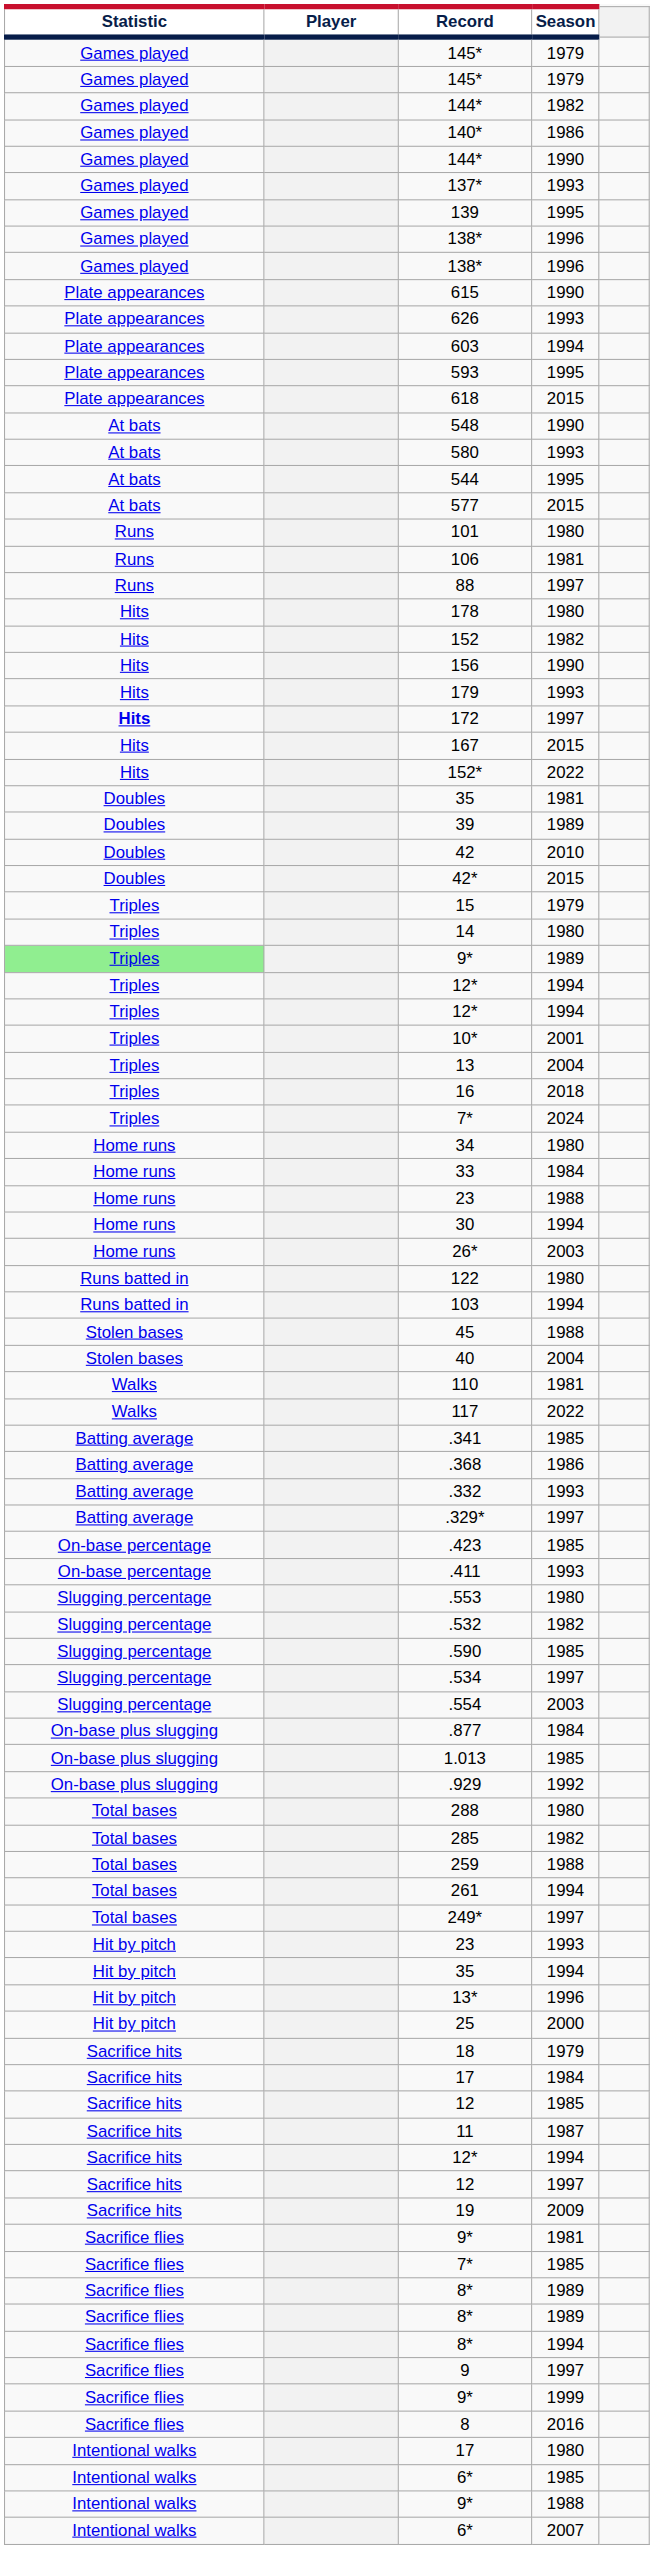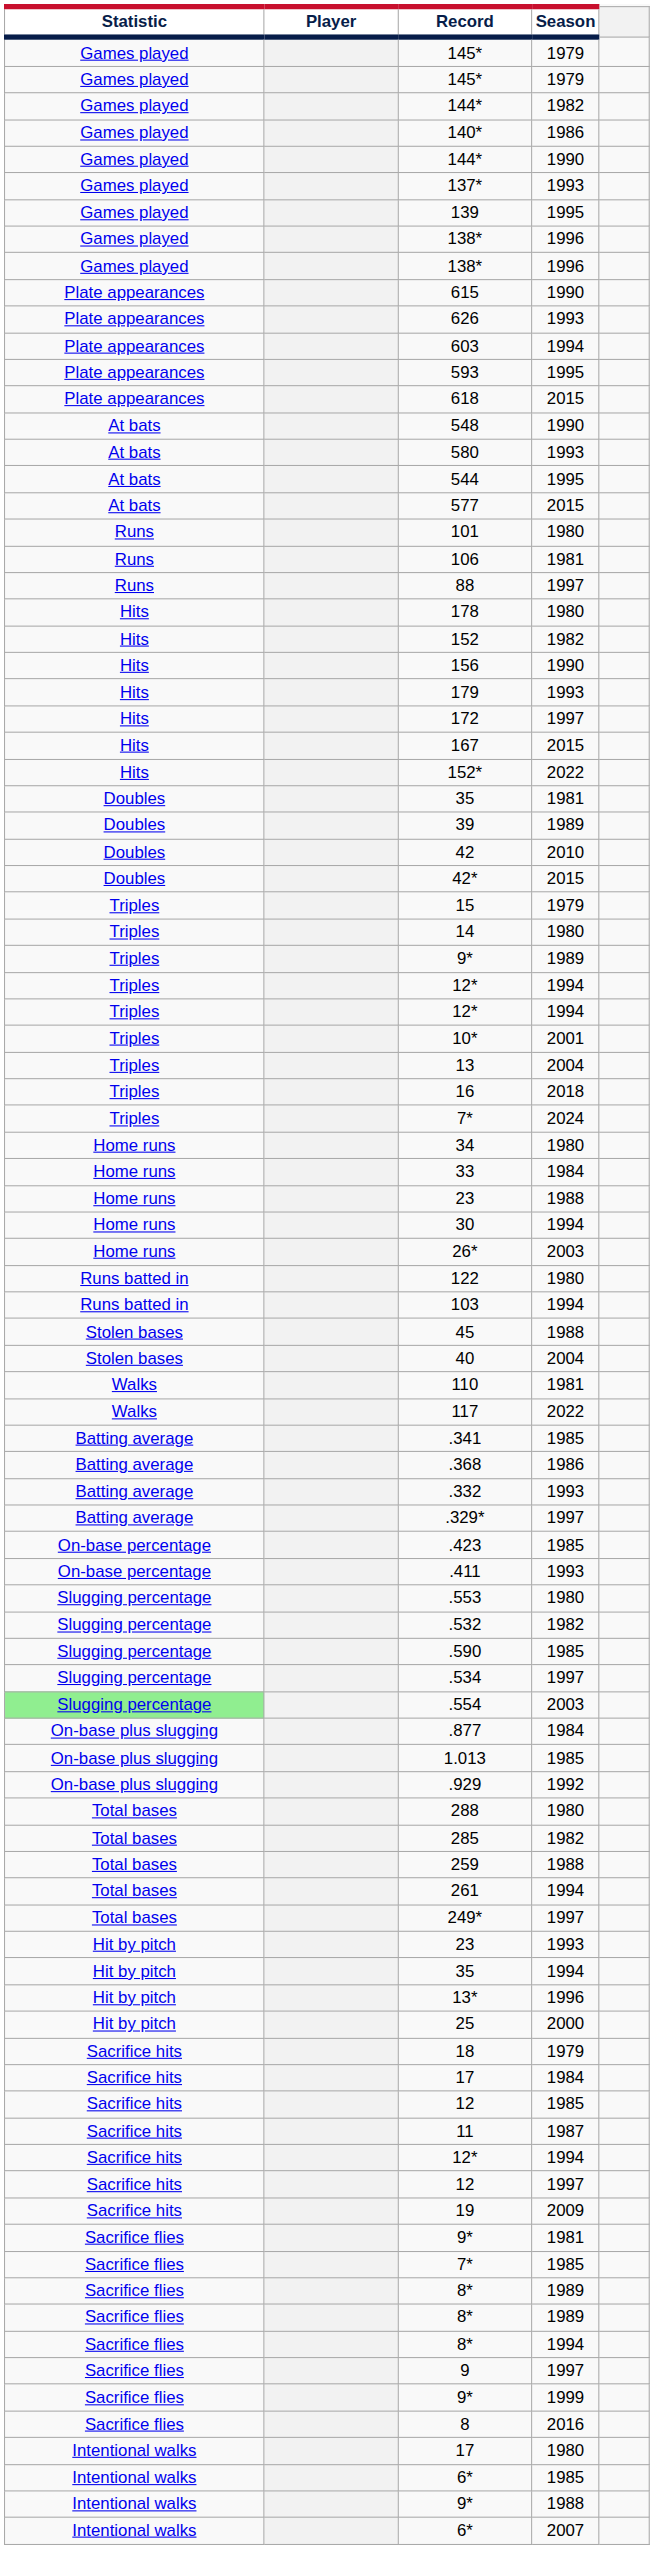 <table class="wikitable sortable plainrowheaders" style="text-align:center">
 <tr>
 <th width="240px" scope="col" style="background-color:#ffffff; border-top:#c8102e 5px solid; border-bottom:#071d49 5px solid; color:#071d49">Statistic</th>
 <th width="120px" scope="col" style="background-color:#ffffff; border-top:#c8102e 5px solid; border-bottom:#071d49 5px solid; color:#071d49">Player</th>
 <th width="120px" class="unsortable" scope="col" style="background-color:#ffffff; border-top:#c8102e 5px solid; border-bottom:#071d49 5px solid; color:#071d49">Record</th>
 <th scope="col" style="background-color:#ffffff; border-top:#c8102e 5px solid; border-bottom:#071d49 5px solid; color:#071d49">Season</th>
 <th style="width:40px" class="unsortable" scope="col" style="background-color:#ffffff; border-top:#c8102e 5px solid; border-bottom:#071d49 5px solid; color:#071d49"></th>
 </tr>
 <tr>
 <td><a href='#'>Games played</a></td>
 <th scope="row" style="text-align:center"></th>
 <td>145*</td>
 <td>1979</td>
 <td></td>
 </tr>
 <tr>
 <td><a href='#'>Games played</a></td>
 <th scope="row" style="text-align:center"></th>
 <td>145*</td>
 <td>1979</td>
 <td></td>
 </tr>
 <tr>
 <td><a href='#'>Games played</a></td>
 <th scope="row" style="text-align:center"></th>
 <td>144*</td>
 <td>1982</td>
 <td></td>
 </tr>
 <tr>
 <td><a href='#'>Games played</a></td>
 <th scope="row" style="text-align:center"></th>
 <td>140*</td>
 <td>1986</td>
 <td></td>
 </tr>
 <tr>
 <td><a href='#'>Games played</a></td>
 <th scope="row" style="text-align:center"></th>
 <td>144*</td>
 <td>1990</td>
 <td></td>
 </tr>
 <tr>
 <td><a href='#'>Games played</a></td>
 <th scope="row" style="text-align:center"></th>
 <td>137*</td>
 <td>1993</td>
 <td></td>
 </tr>
 <tr>
 <td><a href='#'>Games played</a></td>
 <th scope="row" style="text-align:center"></th>
 <td>139</td>
 <td>1995</td>
 <td></td>
 </tr>
 <tr>
 <td><a href='#'>Games played</a></td>
 <th scope="row" style="text-align:center"></th>
 <td>138*</td>
 <td>1996</td>
 <td></td>
 </tr>
 <tr>
 <td><a href='#'>Games played</a></td>
 <th scope="row" style="text-align:center"></th>
 <td>138*</td>
 <td>1996</td>
 <td></td>
 </tr>
 <tr>
 <td><a href='#'>Plate appearances</a></td>
 <th scope="row" style="text-align:center"></th>
 <td>615</td>
 <td>1990</td>
 <td></td>
 </tr>
 <tr>
 <td><a href='#'>Plate appearances</a></td>
 <th scope="row" style="text-align:center"></th>
 <td>626</td>
 <td>1993</td>
 <td></td>
 </tr>
 <tr>
 <td><a href='#'>Plate appearances</a></td>
 <th scope="row" style="text-align:center"></th>
 <td>603</td>
 <td>1994</td>
 <td></td>
 </tr>
 <tr>
 <td><a href='#'>Plate appearances</a></td>
 <th scope="row" style="text-align:center"></th>
 <td>593</td>
 <td>1995</td>
 <td></td>
 </tr>
 <tr>
 <td><a href='#'>Plate appearances</a></td>
 <th scope="row" style="text-align:center"></th>
 <td>618</td>
 <td>2015</td>
 <td></td>
 </tr>
 <tr>
 <td><a href='#'>At bats</a></td>
 <th scope="row" style="text-align:center"></th>
 <td>548</td>
 <td>1990</td>
 <td></td>
 </tr>
 <tr>
 <td><a href='#'>At bats</a></td>
 <th scope="row" style="text-align:center"></th>
 <td>580</td>
 <td>1993</td>
 <td></td>
 </tr>
 <tr>
 <td><a href='#'>At bats</a></td>
 <th scope="row" style="text-align:center"></th>
 <td>544</td>
 <td>1995</td>
 <td></td>
 </tr>
 <tr>
 <td><a href='#'>At bats</a></td>
 <th scope="row" style="text-align:center"></th>
 <td>577</td>
 <td>2015</td>
 <td></td>
 </tr>
 <tr>
 <td><a href='#'>Runs</a></td>
 <th scope="row" style="text-align:center"></th>
 <td>101</td>
 <td>1980</td>
 <td></td>
 </tr>
 <tr>
 <td><a href='#'>Runs</a></td>
 <th scope="row" style="text-align:center"></th>
 <td>106</td>
 <td>1981</td>
 <td></td>
 </tr>
 <tr>
 <td><a href='#'>Runs</a></td>
 <th scope="row" style="text-align:center"></th>
 <td>88</td>
 <td>1997</td>
 <td></td>
 </tr>
 <tr>
 <td><a href='#'>Hits</a></td>
 <th scope="row" style="text-align:center"></th>
 <td>178</td>
 <td>1980</td>
 <td></td>
 </tr>
 <tr>
 <td><a href='#'>Hits</a></td>
 <th scope="row" style="text-align:center"></th>
 <td>152</td>
 <td>1982</td>
 <td></td>
 </tr>
 <tr>
 <td><a href='#'>Hits</a></td>
 <th scope="row" style="text-align:center"></th>
 <td>156</td>
 <td>1990</td>
 <td></td>
 </tr>
 <tr>
 <td><a href='#'>Hits</a></td>
 <th scope="row" style="text-align:center"></th>
 <td>179</td>
 <td>1993</td>
 <td></td>
 </tr>
 <tr>
-<td><strong><a href='#'>Hits</a></strong></td>
+<td><a href='#'>Hits</a></td>
 <th scope="row" style="text-align:center"></th>
 <td>172</td>
 <td>1997</td>
 <td></td>
 </tr>
 <tr>
 <td><a href='#'>Hits</a></td>
 <th scope="row" style="text-align:center"></th>
 <td>167</td>
 <td>2015</td>
 <td></td>
 </tr>
 <tr>
 <td><a href='#'>Hits</a></td>
 <th scope="row" style="text-align:center"></th>
 <td>152*</td>
 <td>2022</td>
 <td></td>
 </tr>
 <tr>
 <td><a href='#'>Doubles</a></td>
 <th scope="row" style="text-align:center"></th>
 <td>35</td>
 <td>1981</td>
 <td></td>
 </tr>
 <tr>
 <td><a href='#'>Doubles</a></td>
 <th scope="row" style="text-align:center"></th>
 <td>39</td>
 <td>1989</td>
 <td></td>
 </tr>
 <tr>
 <td><a href='#'>Doubles</a></td>
 <th scope="row" style="text-align:center"></th>
 <td>42</td>
 <td>2010</td>
 <td></td>
 </tr>
 <tr>
 <td><a href='#'>Doubles</a></td>
 <th scope="row" style="text-align:center"></th>
 <td>42*</td>
 <td>2015</td>
 <td></td>
 </tr>
 <tr>
 <td><a href='#'>Triples</a></td>
 <th scope="row" style="text-align:center"></th>
 <td>15</td>
 <td>1979</td>
 <td></td>
 </tr>
 <tr>
 <td><a href='#'>Triples</a></td>
 <th scope="row" style="text-align:center"></th>
 <td>14</td>
 <td>1980</td>
 <td></td>
 </tr>
 <tr>
-<td style="background: lightgreen;"><a href='#'>Triples</a></td>
+<td><a href='#'>Triples</a></td>
 <th scope="row" style="text-align:center"></th>
 <td>9*</td>
 <td>1989</td>
 <td></td>
 </tr>
 <tr>
 <td><a href='#'>Triples</a></td>
 <th scope="row" style="text-align:center"></th>
 <td>12*</td>
 <td>1994</td>
 <td></td>
 </tr>
 <tr>
 <td><a href='#'>Triples</a></td>
 <th scope="row" style="text-align:center"></th>
 <td>12*</td>
 <td>1994</td>
 <td></td>
 </tr>
 <tr>
 <td><a href='#'>Triples</a></td>
 <th scope="row" style="text-align:center"></th>
 <td>10*</td>
 <td>2001</td>
 <td></td>
 </tr>
 <tr>
 <td><a href='#'>Triples</a></td>
 <th scope="row" style="text-align:center"></th>
 <td>13</td>
 <td>2004</td>
 <td></td>
 </tr>
 <tr>
 <td><a href='#'>Triples</a></td>
 <th scope="row" style="text-align:center"></th>
 <td>16</td>
 <td>2018</td>
 <td></td>
 </tr>
 <tr>
 <td><a href='#'>Triples</a></td>
 <th scope="row" style="text-align:center"></th>
 <td>7*</td>
 <td>2024</td>
 <td></td>
 </tr>
 <tr>
 <td><a href='#'>Home runs</a></td>
 <th scope="row" style="text-align:center"></th>
 <td>34</td>
 <td>1980</td>
 <td></td>
 </tr>
 <tr>
 <td><a href='#'>Home runs</a></td>
 <th scope="row" style="text-align:center"></th>
 <td>33</td>
 <td>1984</td>
 <td></td>
 </tr>
 <tr>
 <td><a href='#'>Home runs</a></td>
 <th scope="row" style="text-align:center"></th>
 <td>23</td>
 <td>1988</td>
 <td></td>
 </tr>
 <tr>
 <td><a href='#'>Home runs</a></td>
 <th scope="row" style="text-align:center"></th>
 <td>30</td>
 <td>1994</td>
 <td></td>
 </tr>
 <tr>
 <td><a href='#'>Home runs</a></td>
 <th scope="row" style="text-align:center"></th>
 <td>26*</td>
 <td>2003</td>
 <td></td>
 </tr>
 <tr>
 <td><a href='#'>Runs batted in</a></td>
 <th scope="row" style="text-align:center"></th>
 <td>122</td>
 <td>1980</td>
 <td></td>
 </tr>
 <tr>
 <td><a href='#'>Runs batted in</a></td>
 <th scope="row" style="text-align:center"></th>
 <td>103</td>
 <td>1994</td>
 <td></td>
 </tr>
 <tr>
 <td><a href='#'>Stolen bases</a></td>
 <th scope="row" style="text-align:center"></th>
 <td>45</td>
 <td>1988</td>
 <td></td>
 </tr>
 <tr>
 <td><a href='#'>Stolen bases</a></td>
 <th scope="row" style="text-align:center"></th>
 <td>40</td>
 <td>2004</td>
 <td></td>
 </tr>
 <tr>
 <td><a href='#'>Walks</a></td>
 <th scope="row" style="text-align:center"></th>
 <td>110</td>
 <td>1981</td>
 <td></td>
 </tr>
 <tr>
 <td><a href='#'>Walks</a></td>
 <th scope="row" style="text-align:center"></th>
 <td>117</td>
 <td>2022</td>
 <td></td>
 </tr>
 <tr>
 <td><a href='#'>Batting average</a></td>
 <th scope="row" style="text-align:center"></th>
 <td>.341</td>
 <td>1985</td>
 <td></td>
 </tr>
 <tr>
 <td><a href='#'>Batting average</a></td>
 <th scope="row" style="text-align:center"></th>
 <td>.368</td>
 <td>1986</td>
 <td></td>
 </tr>
 <tr>
 <td><a href='#'>Batting average</a></td>
 <th scope="row" style="text-align:center"></th>
 <td>.332</td>
 <td>1993</td>
 <td></td>
 </tr>
 <tr>
 <td><a href='#'>Batting average</a></td>
 <th scope="row" style="text-align:center"></th>
 <td>.329*</td>
 <td>1997</td>
 <td></td>
 </tr>
 <tr>
 <td><a href='#'>On-base percentage</a></td>
 <th scope="row" style="text-align:center"></th>
 <td>.423</td>
 <td>1985</td>
 <td></td>
 </tr>
 <tr>
 <td><a href='#'>On-base percentage</a></td>
 <th scope="row" style="text-align:center"></th>
 <td>.411</td>
 <td>1993</td>
 <td></td>
 </tr>
 <tr>
 <td><a href='#'>Slugging percentage</a></td>
 <th scope="row" style="text-align:center"></th>
 <td>.553</td>
 <td>1980</td>
 <td></td>
 </tr>
 <tr>
 <td><a href='#'>Slugging percentage</a></td>
 <th scope="row" style="text-align:center"></th>
 <td>.532</td>
 <td>1982</td>
 <td></td>
 </tr>
 <tr>
 <td><a href='#'>Slugging percentage</a></td>
 <th scope="row" style="text-align:center"></th>
 <td>.590</td>
 <td>1985</td>
 <td></td>
 </tr>
 <tr>
 <td><a href='#'>Slugging percentage</a></td>
 <th scope="row" style="text-align:center"></th>
 <td>.534</td>
 <td>1997</td>
 <td></td>
 </tr>
 <tr>
-<td><a href='#'>Slugging percentage</a></td>
+<td style="background: lightgreen;"><a href='#'>Slugging percentage</a></td>
 <th scope="row" style="text-align:center"></th>
 <td>.554</td>
 <td>2003</td>
 <td></td>
 </tr>
 <tr>
 <td><a href='#'>On-base plus slugging</a></td>
 <th scope="row" style="text-align:center"></th>
 <td>.877</td>
 <td>1984</td>
 <td></td>
 </tr>
 <tr>
 <td><a href='#'>On-base plus slugging</a></td>
 <th scope="row" style="text-align:center"></th>
 <td>1.013</td>
 <td>1985</td>
 <td></td>
 </tr>
 <tr>
 <td><a href='#'>On-base plus slugging</a></td>
 <th scope="row" style="text-align:center"></th>
 <td>.929</td>
 <td>1992</td>
 <td></td>
 </tr>
 <tr>
 <td><a href='#'>Total bases</a></td>
 <th scope="row" style="text-align:center"></th>
 <td>288</td>
 <td>1980</td>
 <td></td>
 </tr>
 <tr>
 <td><a href='#'>Total bases</a></td>
 <th scope="row" style="text-align:center"></th>
 <td>285</td>
 <td>1982</td>
 <td></td>
 </tr>
 <tr>
 <td><a href='#'>Total bases</a></td>
 <th scope="row" style="text-align:center"></th>
 <td>259</td>
 <td>1988</td>
 <td></td>
 </tr>
 <tr>
 <td><a href='#'>Total bases</a></td>
 <th scope="row" style="text-align:center"></th>
 <td>261</td>
 <td>1994</td>
 <td></td>
 </tr>
 <tr>
 <td><a href='#'>Total bases</a></td>
 <th scope="row" style="text-align:center"></th>
 <td>249*</td>
 <td>1997</td>
 <td></td>
 </tr>
 <tr>
 <td><a href='#'>Hit by pitch</a></td>
 <th scope="row" style="text-align:center"></th>
 <td>23</td>
 <td>1993</td>
 <td></td>
 </tr>
 <tr>
 <td><a href='#'>Hit by pitch</a></td>
 <th scope="row" style="text-align:center"></th>
 <td>35</td>
 <td>1994</td>
 <td></td>
 </tr>
 <tr>
 <td><a href='#'>Hit by pitch</a></td>
 <th scope="row" style="text-align:center"></th>
 <td>13*</td>
 <td>1996</td>
 <td></td>
 </tr>
 <tr>
 <td><a href='#'>Hit by pitch</a></td>
 <th scope="row" style="text-align:center"></th>
 <td>25</td>
 <td>2000</td>
 <td></td>
 </tr>
 <tr>
 <td><a href='#'>Sacrifice hits</a></td>
 <th scope="row" style="text-align:center"></th>
 <td>18</td>
 <td>1979</td>
 <td></td>
 </tr>
 <tr>
 <td><a href='#'>Sacrifice hits</a></td>
 <th scope="row" style="text-align:center"></th>
 <td>17</td>
 <td>1984</td>
 <td></td>
 </tr>
 <tr>
 <td><a href='#'>Sacrifice hits</a></td>
 <th scope="row" style="text-align:center"></th>
 <td>12</td>
 <td>1985</td>
 <td></td>
 </tr>
 <tr>
 <td><a href='#'>Sacrifice hits</a></td>
 <th scope="row" style="text-align:center"></th>
 <td>11</td>
 <td>1987</td>
 <td></td>
 </tr>
 <tr>
 <td><a href='#'>Sacrifice hits</a></td>
 <th scope="row" style="text-align:center"></th>
 <td>12*</td>
 <td>1994</td>
 <td></td>
 </tr>
 <tr>
 <td><a href='#'>Sacrifice hits</a></td>
 <th scope="row" style="text-align:center"></th>
 <td>12</td>
 <td>1997</td>
 <td></td>
 </tr>
 <tr>
 <td><a href='#'>Sacrifice hits</a></td>
 <th scope="row" style="text-align:center"></th>
 <td>19</td>
 <td>2009</td>
 <td></td>
 </tr>
 <tr>
 <td><a href='#'>Sacrifice flies</a></td>
 <th scope="row" style="text-align:center"></th>
 <td>9*</td>
 <td>1981</td>
 <td></td>
 </tr>
 <tr>
 <td><a href='#'>Sacrifice flies</a></td>
 <th scope="row" style="text-align:center"></th>
 <td>7*</td>
 <td>1985</td>
 <td></td>
 </tr>
 <tr>
 <td><a href='#'>Sacrifice flies</a></td>
 <th scope="row" style="text-align:center"></th>
 <td>8*</td>
 <td>1989</td>
 <td></td>
 </tr>
 <tr>
 <td><a href='#'>Sacrifice flies</a></td>
 <th scope="row" style="text-align:center"></th>
 <td>8*</td>
 <td>1989</td>
 <td></td>
 </tr>
 <tr>
 <td><a href='#'>Sacrifice flies</a></td>
 <th scope="row" style="text-align:center"></th>
 <td>8*</td>
 <td>1994</td>
 <td></td>
 </tr>
 <tr>
 <td><a href='#'>Sacrifice flies</a></td>
 <th scope="row" style="text-align:center"></th>
 <td>9</td>
 <td>1997</td>
 <td></td>
 </tr>
 <tr>
 <td><a href='#'>Sacrifice flies</a></td>
 <th scope="row" style="text-align:center"></th>
 <td>9*</td>
 <td>1999</td>
 <td></td>
 </tr>
 <tr>
 <td><a href='#'>Sacrifice flies</a></td>
 <th scope="row" style="text-align:center"></th>
 <td>8</td>
 <td>2016</td>
 <td></td>
 </tr>
 <tr>
 <td><a href='#'>Intentional walks</a></td>
 <th scope="row" style="text-align:center"></th>
 <td>17</td>
 <td>1980</td>
 <td></td>
 </tr>
 <tr>
 <td><a href='#'>Intentional walks</a></td>
 <th scope="row" style="text-align:center"></th>
 <td>6*</td>
 <td>1985</td>
 <td></td>
 </tr>
 <tr>
 <td><a href='#'>Intentional walks</a></td>
 <th scope="row" style="text-align:center"></th>
 <td>9*</td>
 <td>1988</td>
 <td></td>
 </tr>
 <tr>
 <td><a href='#'>Intentional walks</a></td>
 <th scope="row" style="text-align:center"></th>
 <td>6*</td>
 <td>2007</td>
 <td></td>
 </tr>
 </table>
